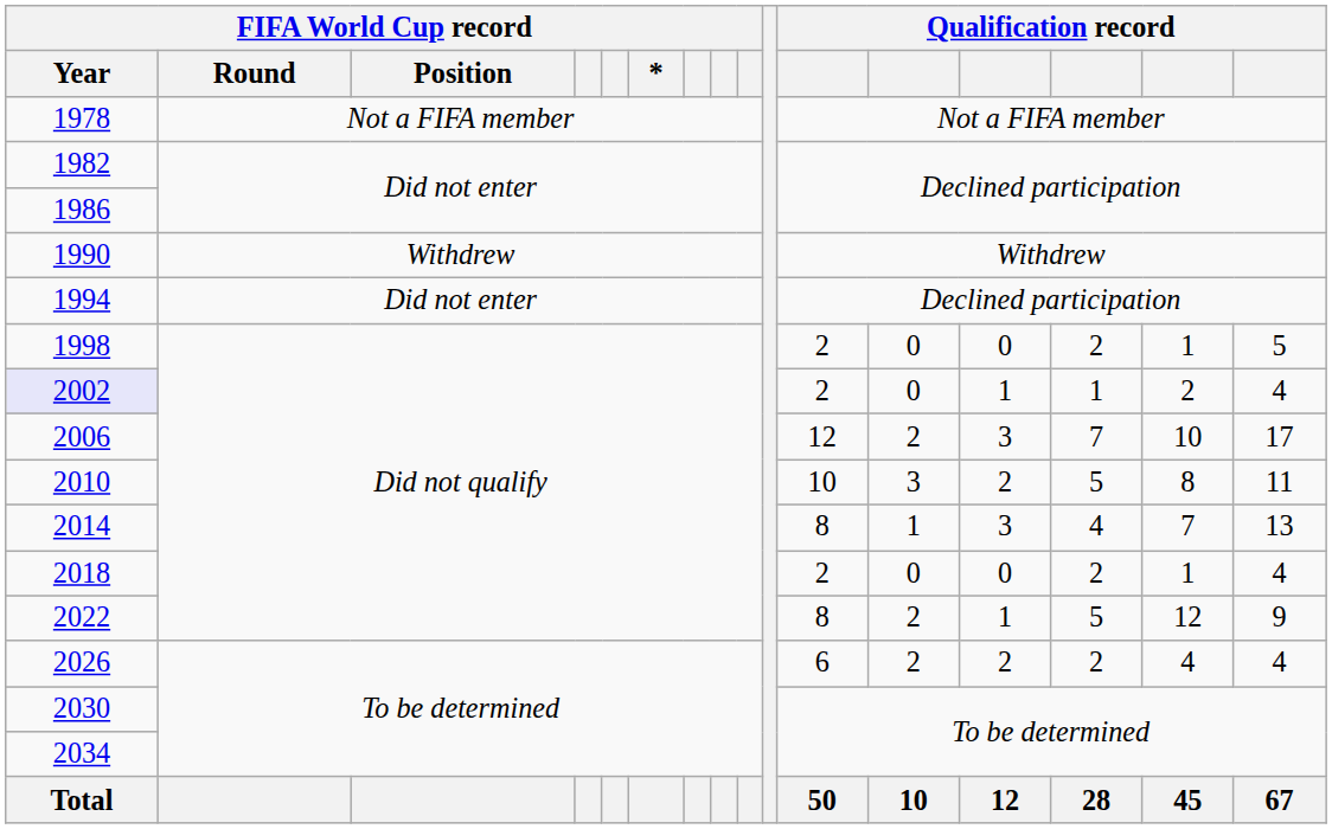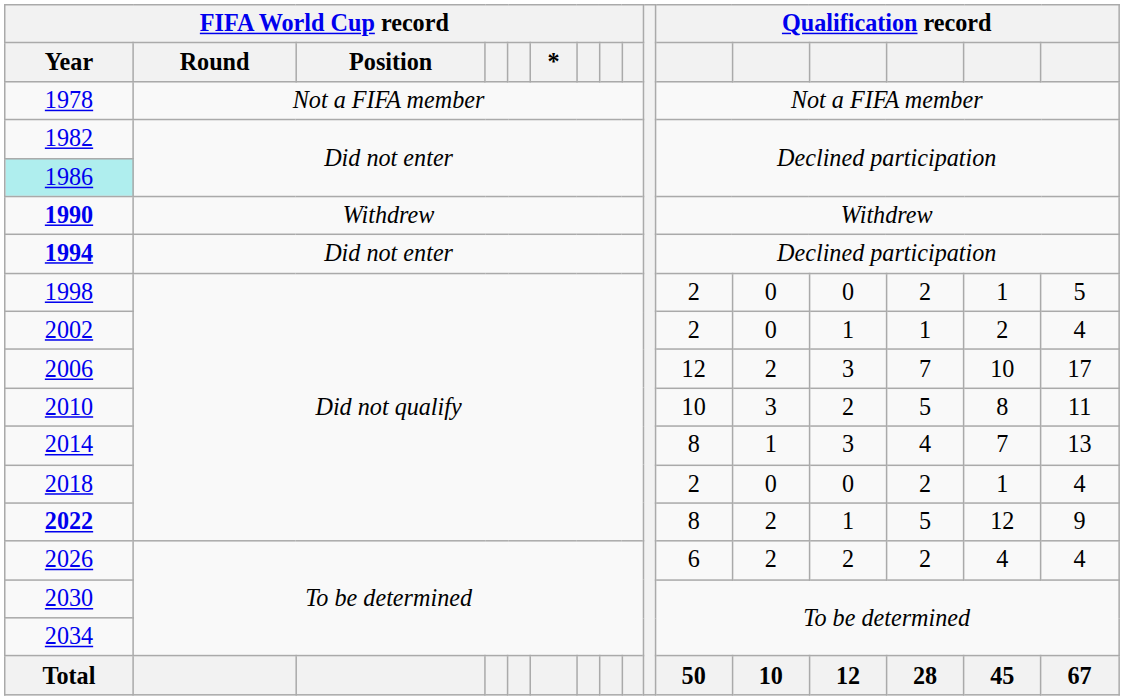 <table class="wikitable" style="text-align: center;">
 <tr>
 <th colspan=9><a href='#'>FIFA World Cup</a> record</th>
 <th width=1% rowspan=39></th>
 <th colspan=6><a href='#'>Qualification</a> record</th>
 </tr>
 <tr>
 <th>Year</th>
 <th>Round</th>
 <th>Position</th>
 <th></th>
 <th></th>
 <th>*</th>
 <th></th>
 <th></th>
 <th></th>
 <th></th>
 <th></th>
 <th></th>
 <th></th>
 <th></th>
 <th></th>
 </tr>
 <tr>
 <td> <a href='#'>1978</a></td>
 <td colspan=8><em>Not a FIFA member</em></td>
 <td colspan=6><em>Not a FIFA member</em></td>
 </tr>
 <tr>
 <td> <a href='#'>1982</a></td>
 <td colspan=8 rowspan=2><em>Did not enter</em></td>
 <td colspan=6 rowspan=2><em>Declined participation</em></td>
 </tr>
 <tr>
-<td> <a href='#'>1986</a></td>
+<td style="background: paleturquoise;"> <a href='#'>1986</a></td>
 </tr>
 <tr>
-<td> <a href='#'>1990</a></td>
+<td><strong> <a href='#'>1990</a></strong></td>
 <td colspan=8><em>Withdrew</em></td>
 <td colspan=6><em>Withdrew</em></td>
 </tr>
 <tr>
-<td> <a href='#'>1994</a></td>
+<td><strong> <a href='#'>1994</a></strong></td>
 <td colspan=8><em>Did not enter</em></td>
 <td colspan=6><em>Declined participation</em></td>
 </tr>
 <tr>
 <td> <a href='#'>1998</a></td>
 <td colspan=8 rowspan=7><em>Did not qualify</em></td>
 <td>2</td>
 <td>0</td>
 <td>0</td>
 <td>2</td>
 <td>1</td>
 <td>5</td>
 </tr>
 <tr>
-<td style="background: lavender;">  <a href='#'>2002</a></td>
+<td>  <a href='#'>2002</a></td>
 <td>2</td>
 <td>0</td>
 <td>1</td>
 <td>1</td>
 <td>2</td>
 <td>4</td>
 </tr>
 <tr>
 <td> <a href='#'>2006</a></td>
 <td>12</td>
 <td>2</td>
 <td>3</td>
 <td>7</td>
 <td>10</td>
 <td>17</td>
 </tr>
 <tr>
 <td> <a href='#'>2010</a></td>
 <td>10</td>
 <td>3</td>
 <td>2</td>
 <td>5</td>
 <td>8</td>
 <td>11</td>
 </tr>
 <tr>
 <td> <a href='#'>2014</a></td>
 <td>8</td>
 <td>1</td>
 <td>3</td>
 <td>4</td>
 <td>7</td>
 <td>13</td>
 </tr>
 <tr>
 <td> <a href='#'>2018</a></td>
 <td>2</td>
 <td>0</td>
 <td>0</td>
 <td>2</td>
 <td>1</td>
 <td>4</td>
 </tr>
 <tr>
-<td> <a href='#'>2022</a></td>
+<td><strong> <a href='#'>2022</a></strong></td>
 <td>8</td>
 <td>2</td>
 <td>1</td>
 <td>5</td>
 <td>12</td>
 <td>9</td>
 </tr>
 <tr>
 <td>   <a href='#'>2026</a></td>
 <td colspan=8 rowspan=3><em>To be determined</em></td>
 <td>6</td>
 <td>2</td>
 <td>2</td>
 <td>2</td>
 <td>4</td>
 <td>4</td>
 </tr>
 <tr>
 <td>   <a href='#'>2030</a></td>
 <td colspan=6 rowspan=2><em>To be determined</em></td>
 </tr>
 <tr>
 <td> <a href='#'>2034</a></td>
 </tr>
 <tr>
 <th>Total</th>
 <th></th>
 <th></th>
 <th></th>
 <th></th>
 <th></th>
 <th></th>
 <th></th>
 <th></th>
 <th>50</th>
 <th>10</th>
 <th>12</th>
 <th>28</th>
 <th>45</th>
 <th>67</th>
 </tr>
 </table>
